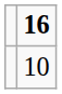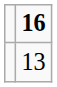 <table class="wikitable">
 <tr>
 <td><small></small></td>
 <td><strong>16</strong></td>
 </tr>
 <tr>
 <td><small></small></td>
-<td>10</td>
+<td>13</td>
 </tr>
 </table>
